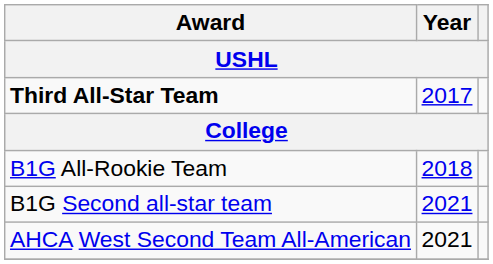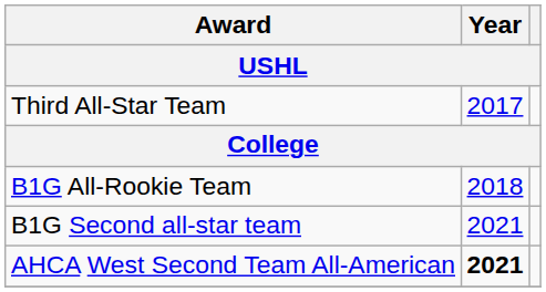 <table class="wikitable">
 <tr>
 <th>Award</th>
 <th>Year</th>
 <th></th>
 </tr>
 <tr ALIGN="center" bgcolor="#e0e0e0">
 <th colspan="3"><a href='#'>USHL</a></th>
 </tr>
 <tr>
-<td><strong>Third All-Star Team</strong></td>
+<td>Third All-Star Team</td>
 <td><a href='#'>2017</a></td>
 <td></td>
 </tr>
 <tr ALIGN="center" bgcolor="#e0e0e0">
 <th colspan="3"><a href='#'>College</a></th>
 </tr>
 <tr>
 <td><a href='#'>B1G</a> All-Rookie Team</td>
 <td><a href='#'>2018</a></td>
 <td></td>
 </tr>
 <tr>
 <td>B1G <a href='#'>Second all-star team</a></td>
 <td><a href='#'>2021</a></td>
 <td></td>
 </tr>
 <tr>
 <td><a href='#'>AHCA</a> <a href='#'>West Second Team All-American</a></td>
-<td>2021</td>
+<td><strong>2021</strong></td>
 <td></td>
 </tr>
 <tr>
 </tr>
 </table>
